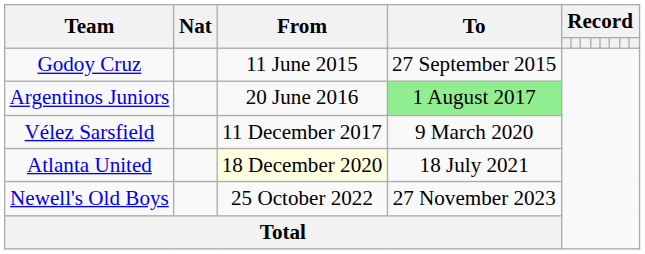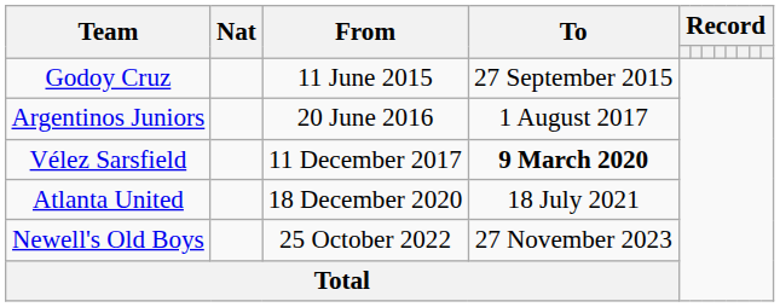 <table class="wikitable" style="text-align: center">
 <tr>
 <th rowspan="2">Team</th>
 <th rowspan="2">Nat</th>
 <th rowspan="2">From</th>
 <th rowspan="2">To</th>
 <th colspan="8">Record</th>
 </tr>
 <tr>
 <th></th>
 <th></th>
 <th></th>
 <th></th>
 <th></th>
 <th></th>
 <th></th>
 <th></th>
 </tr>
 <tr align=center>
 <td align=center><a href='#'>Godoy Cruz</a></td>
 <td></td>
 <td align=center>11 June 2015</td>
 <td align=center>27 September 2015<br></td>
 </tr>
 <tr align=center>
 <td align=center><a href='#'>Argentinos Juniors</a></td>
 <td></td>
 <td align=center>20 June 2016</td>
-<td align=center style="background: lightgreen;">1 August 2017<br></td>
+<td align=center>1 August 2017<br></td>
 </tr>
 <tr align=center>
 <td align=center><a href='#'>Vélez Sarsfield</a></td>
 <td></td>
 <td align=center>11 December 2017</td>
-<td align=center>9 March 2020<br></td>
+<td align=center><strong>9 March 2020<br></strong></td>
 </tr>
 <tr align=center>
 <td align=center><a href='#'>Atlanta United</a></td>
 <td></td>
-<td align=center style="background: lightyellow;">18 December 2020</td>
+<td align=center>18 December 2020</td>
 <td align=center>18 July 2021<br></td>
 </tr>
 <tr align=center>
 <td align=center><a href='#'>Newell's Old Boys</a></td>
 <td></td>
 <td align=center>25 October 2022</td>
 <td align=center>27 November 2023<br></td>
 </tr>
 <tr align=center>
 <th colspan="4">Total<br></th>
 </tr>
 </table>
